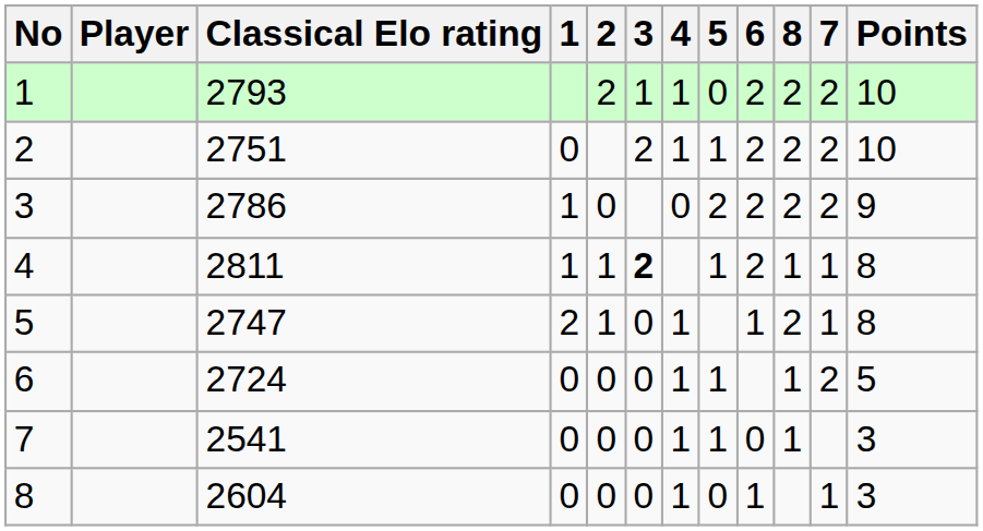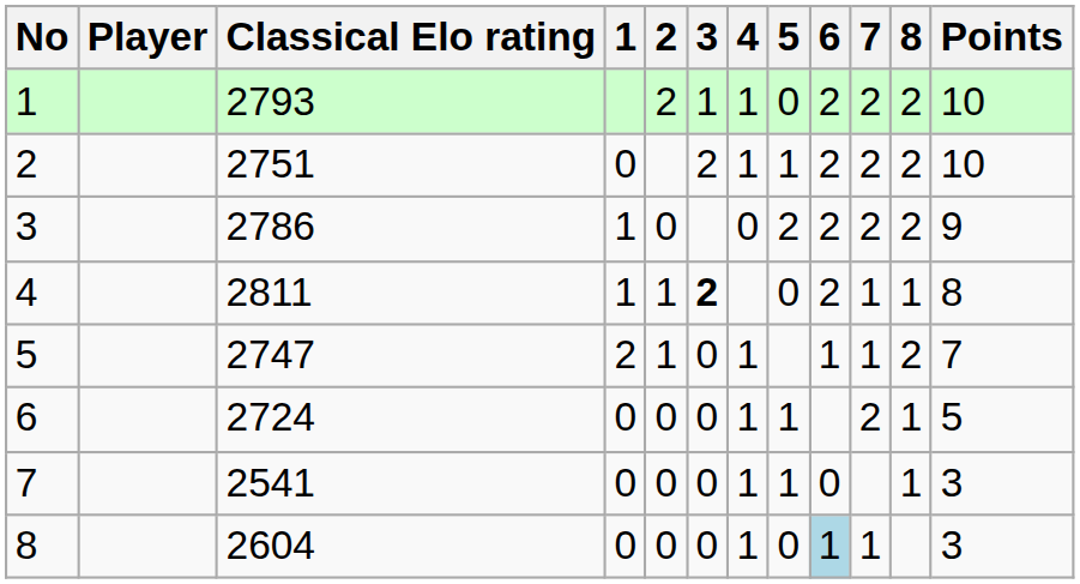 <table class=wikitable>
 <tr>
 <th>No</th>
 <th>Player</th>
 <th>Classical Elo rating</th>
 <th>1</th>
 <th>2</th>
 <th>3</th>
 <th>4</th>
 <th>5</th>
 <th>6</th>
+<th>7</th>
 <th>8</th>
-<th>7</th>
 <th>Points</th>
 </tr>
 <tr bgcolor=#ccffcc>
 <td>1</td>
 <td></td>
 <td>2793</td>
 <td></td>
 <td>2</td>
 <td>1</td>
 <td>1</td>
 <td>0</td>
 <td>2</td>
 <td>2</td>
 <td>2</td>
 <td>10</td>
 </tr>
 <tr>
 <td>2</td>
 <td></td>
 <td>2751</td>
 <td>0</td>
 <td></td>
 <td>2</td>
 <td>1</td>
 <td>1</td>
 <td>2</td>
 <td>2</td>
 <td>2</td>
 <td>10</td>
 </tr>
 <tr>
 <td>3</td>
 <td></td>
 <td>2786</td>
 <td>1</td>
 <td>0</td>
 <td></td>
 <td>0</td>
 <td>2</td>
 <td>2</td>
 <td>2</td>
 <td>2</td>
 <td>9</td>
 </tr>
 <tr>
 <td>4</td>
 <td></td>
 <td>2811</td>
 <td>1</td>
 <td>1</td>
 <td><strong>2</strong></td>
 <td></td>
-<td>1</td>
+<td>0</td>
 <td>2</td>
 <td>1</td>
 <td>1</td>
 <td>8</td>
 </tr>
 <tr>
 <td>5</td>
 <td></td>
 <td>2747</td>
 <td>2</td>
 <td>1</td>
 <td>0</td>
 <td>1</td>
 <td></td>
 <td>1</td>
+<td>1</td>
 <td>2</td>
-<td>1</td>
-<td>8</td>
+<td>7</td>
 </tr>
 <tr>
 <td>6</td>
 <td></td>
 <td>2724</td>
 <td>0</td>
 <td>0</td>
 <td>0</td>
 <td>1</td>
 <td>1</td>
 <td></td>
+<td>2</td>
 <td>1</td>
-<td>2</td>
 <td>5</td>
 </tr>
 <tr>
 <td>7</td>
 <td></td>
 <td>2541</td>
 <td>0</td>
 <td>0</td>
 <td>0</td>
 <td>1</td>
 <td>1</td>
 <td>0</td>
+<td></td>
 <td>1</td>
-<td></td>
 <td>3</td>
 </tr>
 <tr>
 <td>8</td>
 <td></td>
 <td>2604</td>
 <td>0</td>
 <td>0</td>
 <td>0</td>
 <td>1</td>
 <td>0</td>
+<td style="background: lightblue;">1</td>
 <td>1</td>
 <td></td>
-<td>1</td>
 <td>3</td>
 </tr>
 </table>
